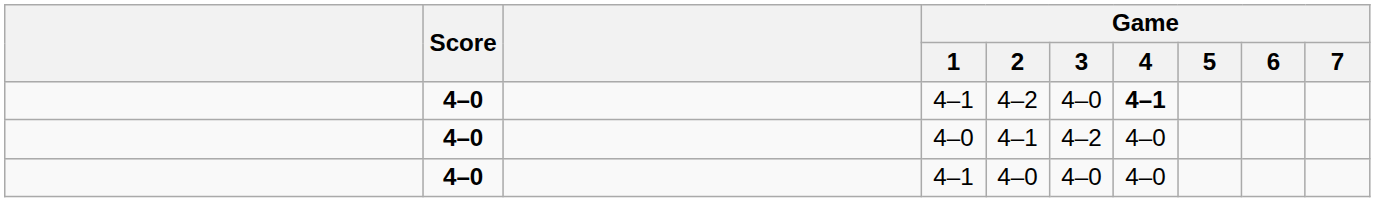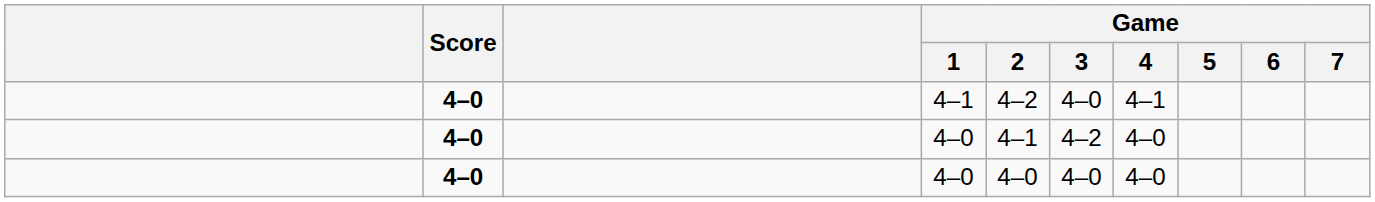 <table class="wikitable" style="text-align: center;">
 <tr>
 <th rowspan=2 align="right" width="270"></th>
 <th rowspan=2 width="45">Score</th>
 <th rowspan=2 align="left" width="270"></th>
 <th colspan=7>Game</th>
 </tr>
 <tr>
 <th width="35">1</th>
 <th width="35">2</th>
 <th width="35">3</th>
 <th width="35">4</th>
 <th width="35">5</th>
 <th width="35">6</th>
 <th width="35">7</th>
 </tr>
 <tr>
 <td align=left><strong></strong></td>
 <td align=center><strong>4–0</strong></td>
 <td align=left></td>
 <td>4–1</td>
 <td>4–2</td>
 <td>4–0</td>
-<td><strong>4–1</strong></td>
+<td>4–1</td>
 <td></td>
 <td></td>
 <td></td>
 </tr>
 <tr>
 <td align=left><strong></strong></td>
 <td align=center><strong>4–0</strong></td>
 <td align=left></td>
 <td>4–0</td>
 <td>4–1</td>
 <td>4–2</td>
 <td>4–0</td>
 <td></td>
 <td></td>
 <td></td>
 </tr>
 <tr>
 <td align=left><strong></strong></td>
 <td align=center><strong>4–0</strong></td>
 <td align=left></td>
-<td>4–1</td>
+<td>4–0</td>
 <td>4–0</td>
 <td>4–0</td>
 <td>4–0</td>
 <td></td>
 <td></td>
 <td></td>
 </tr>
 </table>
